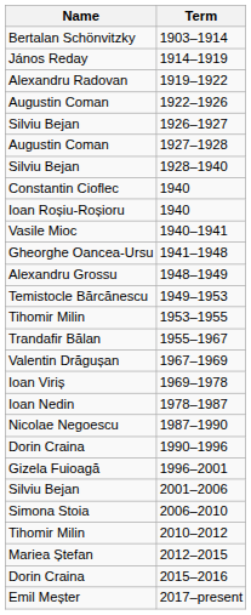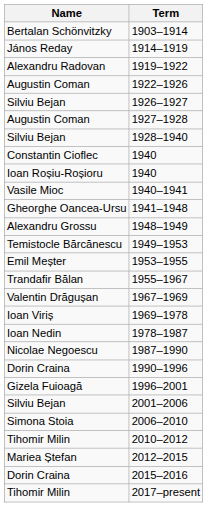 <table class="wikitable">
 <tr>
 <th>Name</th>
 <th>Term</th>
 </tr>
 <tr>
 <td>Bertalan Schönvitzky</td>
 <td>1903–1914</td>
 </tr>
 <tr>
 <td>János Reday</td>
 <td>1914–1919</td>
 </tr>
 <tr>
 <td>Alexandru Radovan</td>
 <td>1919–1922</td>
 </tr>
 <tr>
 <td>Augustin Coman</td>
 <td>1922–1926</td>
 </tr>
 <tr>
 <td>Silviu Bejan</td>
 <td>1926–1927</td>
 </tr>
 <tr>
 <td>Augustin Coman</td>
 <td>1927–1928</td>
 </tr>
 <tr>
 <td>Silviu Bejan</td>
 <td>1928–1940</td>
 </tr>
 <tr>
 <td>Constantin Cioflec</td>
 <td>1940</td>
 </tr>
 <tr>
 <td>Ioan Roșiu-Roșioru</td>
 <td>1940</td>
 </tr>
 <tr>
 <td>Vasile Mioc</td>
 <td>1940–1941</td>
 </tr>
 <tr>
 <td>Gheorghe Oancea-Ursu</td>
 <td>1941–1948</td>
 </tr>
 <tr>
 <td>Alexandru Grossu</td>
 <td>1948–1949</td>
 </tr>
 <tr>
 <td>Temistocle Bărcănescu</td>
 <td>1949–1953</td>
 </tr>
 <tr>
-<td>Tihomir Milin</td>
+<td>Emil Meșter</td>
 <td>1953–1955</td>
 </tr>
 <tr>
 <td>Trandafir Bălan</td>
 <td>1955–1967</td>
 </tr>
 <tr>
 <td>Valentin Drăgușan</td>
 <td>1967–1969</td>
 </tr>
 <tr>
 <td>Ioan Viriș</td>
 <td>1969–1978</td>
 </tr>
 <tr>
 <td>Ioan Nedin</td>
 <td>1978–1987</td>
 </tr>
 <tr>
 <td>Nicolae Negoescu</td>
 <td>1987–1990</td>
 </tr>
 <tr>
 <td>Dorin Craina</td>
 <td>1990–1996</td>
 </tr>
 <tr>
 <td>Gizela Fuioagă</td>
 <td>1996–2001</td>
 </tr>
 <tr>
 <td>Silviu Bejan</td>
 <td>2001–2006</td>
 </tr>
 <tr>
 <td>Simona Stoia</td>
 <td>2006–2010</td>
 </tr>
 <tr>
 <td>Tihomir Milin</td>
 <td>2010–2012</td>
 </tr>
 <tr>
 <td>Mariea Ștefan</td>
 <td>2012–2015</td>
 </tr>
 <tr>
 <td>Dorin Craina</td>
 <td>2015–2016</td>
 </tr>
 <tr>
-<td>Emil Meșter</td>
+<td>Tihomir Milin</td>
 <td>2017–present</td>
 </tr>
 </table>
